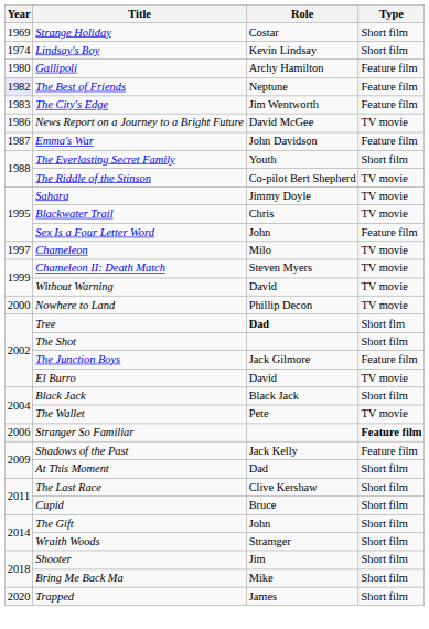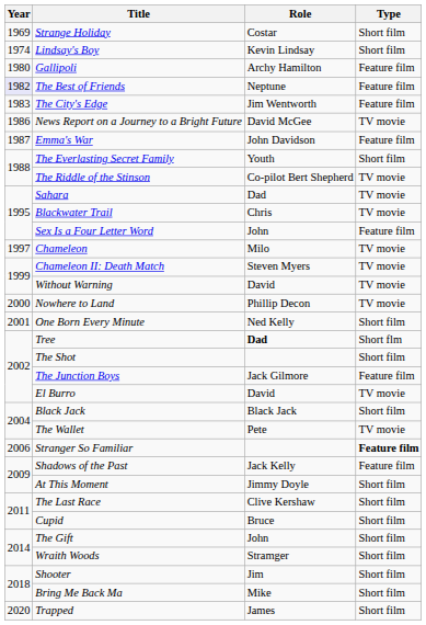 <table class="wikitable">
 <tr>
 <th>Year</th>
 <th>Title</th>
 <th>Role</th>
 <th>Type</th>
 </tr>
 <tr>
 <td>1969</td>
 <td><em><a href='#'>Strange Holiday</a></em></td>
 <td>Costar</td>
 <td>Short film</td>
 </tr>
 <tr>
 <td>1974</td>
 <td><em><a href='#'>Lindsay's Boy</a></em></td>
 <td>Kevin Lindsay</td>
 <td>Short film</td>
 </tr>
 <tr>
 <td>1980</td>
 <td><em><a href='#'>Gallipoli</a></em></td>
 <td>Archy Hamilton</td>
 <td>Feature film</td>
 </tr>
 <tr>
 <td style="background: lavender;">1982</td>
 <td><em><a href='#'>The Best of Friends</a></em></td>
 <td>Neptune</td>
 <td>Feature film</td>
 </tr>
 <tr>
 <td>1983</td>
 <td><em><a href='#'>The City's Edge</a></em></td>
 <td>Jim Wentworth</td>
 <td>Feature film</td>
 </tr>
 <tr>
 <td>1986</td>
 <td><em>News Report on a Journey to a Bright Future</em></td>
 <td>David McGee</td>
 <td>TV movie</td>
 </tr>
 <tr>
 <td>1987</td>
 <td><em><a href='#'>Emma's War</a></em></td>
 <td>John Davidson</td>
 <td>Feature film</td>
 </tr>
 <tr>
 <td rowspan=2>1988</td>
 <td><em><a href='#'>The Everlasting Secret Family</a></em></td>
 <td>Youth</td>
 <td>Short film</td>
 </tr>
 <tr>
 <td><em><a href='#'>The Riddle of the Stinson</a></em></td>
 <td>Co-pilot Bert Shepherd</td>
 <td>TV movie</td>
 </tr>
 <tr>
 <td rowspan=3>1995</td>
 <td><em><a href='#'>Sahara</a></em></td>
-<td>Jimmy Doyle</td>
+<td>Dad</td>
 <td>TV movie</td>
 </tr>
 <tr>
 <td><em><a href='#'>Blackwater Trail</a></em></td>
 <td>Chris</td>
 <td>TV movie</td>
 </tr>
 <tr>
 <td><em><a href='#'>Sex Is a Four Letter Word</a></em></td>
 <td>John</td>
 <td>Feature film</td>
 </tr>
 <tr>
 <td>1997</td>
 <td><em><a href='#'>Chameleon</a></em></td>
 <td>Milo</td>
 <td>TV movie</td>
 </tr>
 <tr>
 <td rowspan=2>1999</td>
 <td><em><a href='#'>Chameleon II: Death Match</a></em></td>
 <td>Steven Myers</td>
 <td>TV movie</td>
 </tr>
 <tr>
 <td><em>Without Warning</em></td>
 <td>David</td>
 <td>TV movie</td>
 </tr>
 <tr>
 <td>2000</td>
 <td><em>Nowhere to Land</em></td>
 <td>Phillip Decon</td>
 <td>TV movie</td>
+</tr>
+<tr>
+<td>2001</td>
+<td><em>One Born Every Minute</em></td>
+<td>Ned Kelly</td>
+<td>Short film</td>
 </tr>
 <tr>
 <td rowspan=4>2002</td>
 <td><em>Tree</em></td>
 <td><strong>Dad</strong></td>
 <td>Short flm</td>
 </tr>
 <tr>
 <td><em>The Shot</em></td>
 <td></td>
 <td>Short film</td>
 </tr>
 <tr>
 <td><em><a href='#'>The Junction Boys</a></em></td>
 <td>Jack Gilmore</td>
 <td>Feature film</td>
 </tr>
 <tr>
 <td><em>El Burro</em></td>
 <td>David</td>
 <td>TV movie</td>
 </tr>
 <tr>
 <td rowspan=2>2004</td>
 <td><em>Black Jack</em></td>
 <td>Black Jack</td>
 <td>Short film</td>
 </tr>
 <tr>
 <td><em>The Wallet</em></td>
 <td>Pete</td>
 <td>TV movie</td>
 </tr>
 <tr>
 <td>2006</td>
 <td><em>Stranger So Familiar</em></td>
 <td></td>
 <td><strong>Feature film</strong></td>
 </tr>
 <tr>
 <td rowspan=2>2009</td>
 <td><em>Shadows of the Past</em></td>
 <td>Jack Kelly</td>
 <td>Feature film</td>
 </tr>
 <tr>
 <td><em>At This Moment</em></td>
-<td>Dad</td>
+<td>Jimmy Doyle</td>
 <td>Short film</td>
 </tr>
 <tr>
 <td rowspan=2>2011</td>
 <td><em>The Last Race</em></td>
 <td>Clive Kershaw</td>
 <td>Short film</td>
 </tr>
 <tr>
 <td><em>Cupid</em></td>
 <td>Bruce</td>
 <td>Short film</td>
 </tr>
 <tr>
 <td rowspan=2>2014</td>
 <td><em>The Gift</em></td>
 <td>John</td>
 <td>Short film</td>
 </tr>
 <tr>
 <td><em>Wraith Woods</em></td>
 <td>Stramger</td>
 <td>Short film</td>
 </tr>
 <tr>
 <td rowspan=2>2018</td>
 <td><em>Shooter</em></td>
 <td>Jim</td>
 <td>Short film</td>
 </tr>
 <tr>
 <td><em>Bring Me Back Ma</em></td>
 <td>Mike</td>
 <td>Short film</td>
 </tr>
 <tr>
 <td>2020</td>
 <td><em>Trapped</em></td>
 <td>James</td>
 <td>Short film</td>
 </tr>
 </table>
